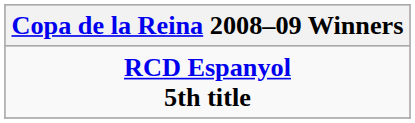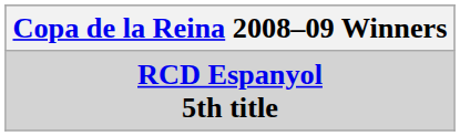 <table class="wikitable" style="text-align: center; margin: 0 auto;">
 <tr>
 <th><a href='#'>Copa de la Reina</a> 2008–09 Winners</th>
 </tr>
 <tr>
-<td><strong><a href='#'>RCD Espanyol</a></strong><br><strong>5th title</strong></td>
+<td style="background: lightgrey;"><strong><a href='#'>RCD Espanyol</a></strong><br><strong>5th title</strong></td>
 </tr>
 </table>
